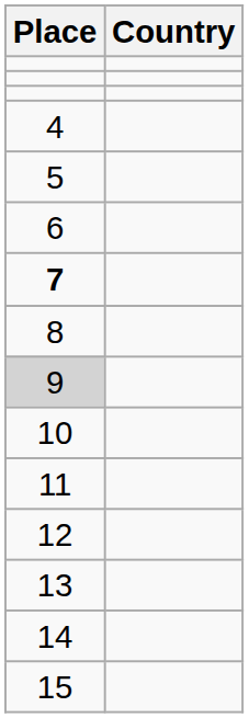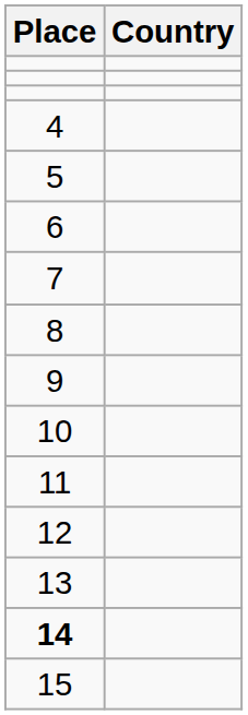 <table class="wikitable" style="font-size:95%;">
 <tr>
 <th>Place</th>
 <th>Country</th>
 </tr>
 <tr>
 <td align="center"></td>
 <td></td>
 </tr>
 <tr>
 <td align="center"></td>
 <td></td>
 </tr>
 <tr>
 <td align="center"></td>
 <td></td>
 </tr>
 <tr>
 <td align="center">4</td>
 <td></td>
 </tr>
 <tr>
 <td align="center">5</td>
 <td></td>
 </tr>
 <tr>
 <td align="center">6</td>
 <td></td>
 </tr>
 <tr>
-<td align="center"><strong>7</strong></td>
+<td align="center">7</td>
 <td></td>
 </tr>
 <tr>
 <td align="center">8</td>
 <td></td>
 </tr>
 <tr>
-<td align="center" style="background: lightgrey;">9</td>
+<td align="center">9</td>
 <td></td>
 </tr>
 <tr>
 <td align="center">10</td>
 <td></td>
 </tr>
 <tr>
 <td align="center">11</td>
 <td></td>
 </tr>
 <tr>
 <td align="center">12</td>
 <td></td>
 </tr>
 <tr>
 <td align="center">13</td>
 <td></td>
 </tr>
 <tr>
-<td align="center">14</td>
+<td align="center"><strong>14</strong></td>
 <td></td>
 </tr>
 <tr>
 <td align="center">15</td>
 <td></td>
 </tr>
 </table>
